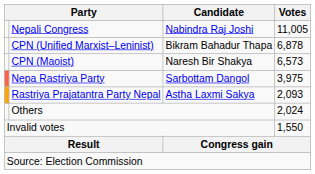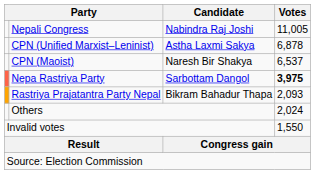 <table class="wikitable">
 <tr>
 <th colspan="2">Party</th>
 <th>Candidate</th>
 <th>Votes</th>
 </tr>
 <tr>
 <td style="background-color:"></td>
 <td><a href='#'>Nepali Congress</a></td>
 <td><a href='#'>Nabindra Raj Joshi</a></td>
 <td>11,005</td>
 </tr>
 <tr>
 <td style="background-color:"></td>
 <td><a href='#'>CPN (Unified Marxist–Leninist)</a></td>
-<td>Bikram Bahadur Thapa</td>
+<td><a href='#'>Astha Laxmi Sakya</a></td>
 <td>6,878</td>
 </tr>
 <tr>
 <td style="background-color:"></td>
 <td><a href='#'>CPN (Maoist)</a></td>
 <td>Naresh Bir Shakya</td>
-<td>6,573</td>
+<td>6,537</td>
 </tr>
 <tr>
 <td style="background-color:tomato"></td>
 <td><a href='#'>Nepa Rastriya Party</a></td>
 <td><a href='#'>Sarbottam Dangol</a></td>
-<td>3,975</td>
+<td><strong>3,975</strong></td>
 </tr>
 <tr>
 <td style="background-color:orange"></td>
 <td><a href='#'>Rastriya Prajatantra Party Nepal</a></td>
-<td><a href='#'>Astha Laxmi Sakya</a></td>
+<td>Bikram Bahadur Thapa</td>
 <td>2,093</td>
 </tr>
 <tr>
 <td></td>
 <td colspan="2">Others</td>
 <td>2,024</td>
 </tr>
 <tr>
 <td colspan="3">Invalid votes</td>
 <td>1,550</td>
 </tr>
 <tr>
 <th colspan="2">Result</th>
 <th colspan="2">Congress gain</th>
 </tr>
 <tr>
 <td colspan="4">Source: Election Commission</td>
 </tr>
 </table>
